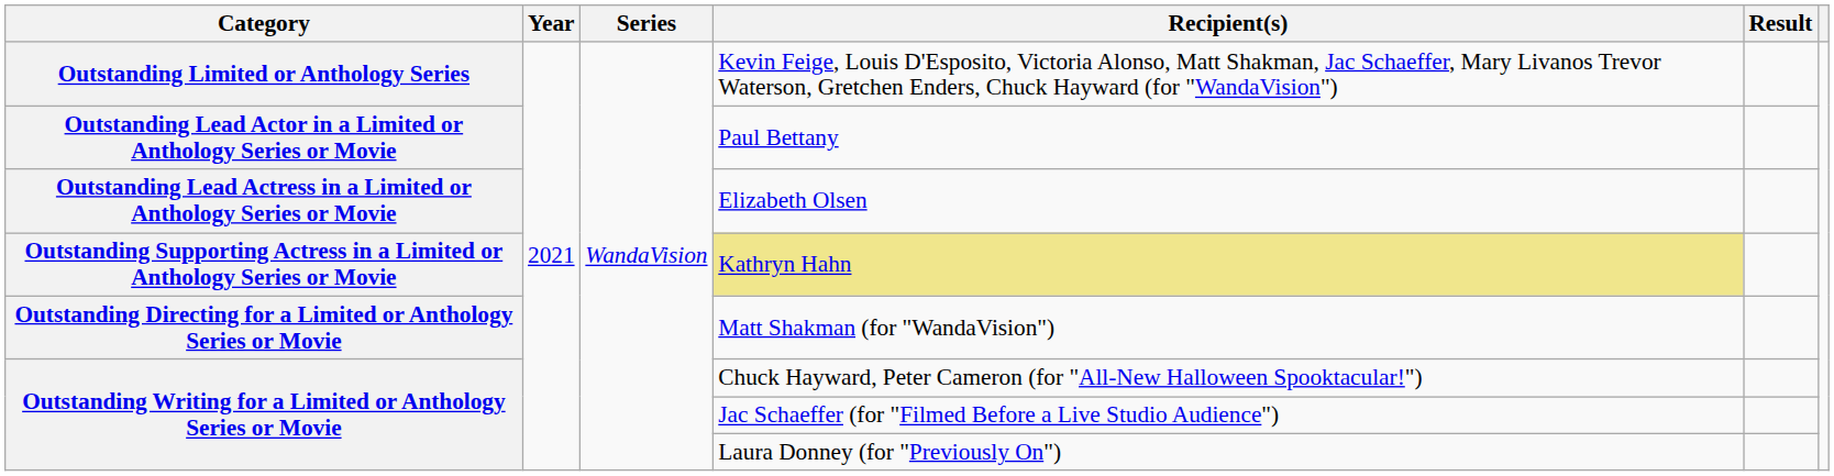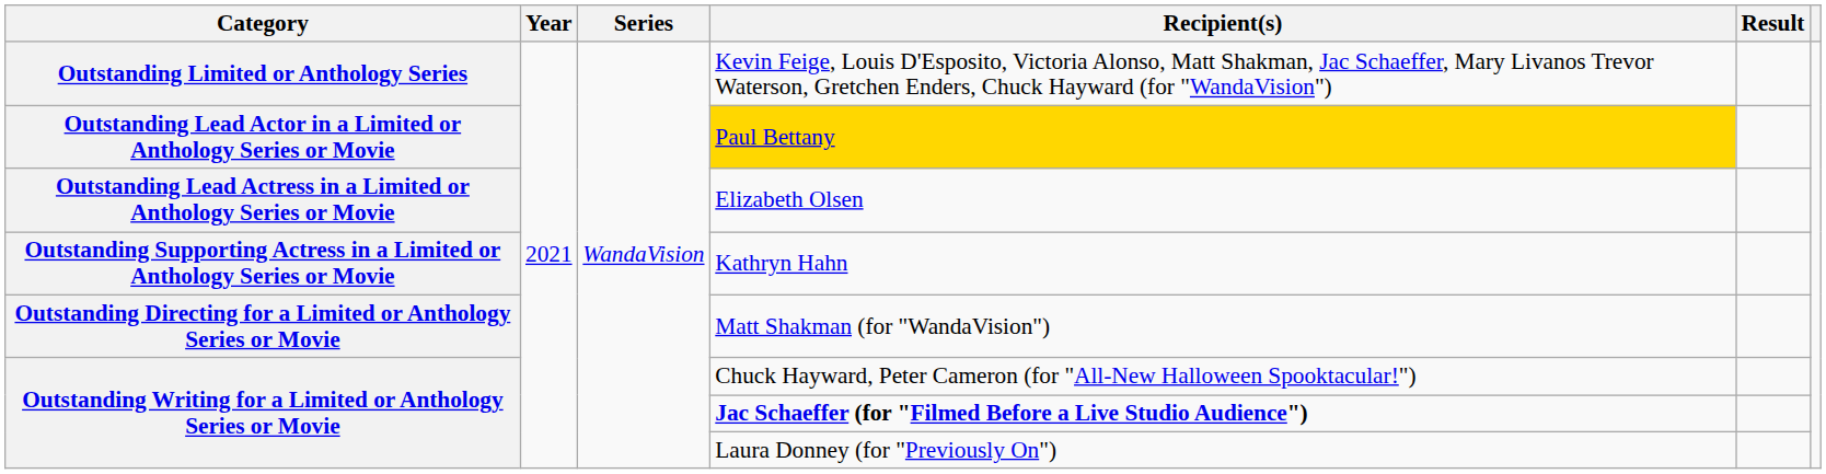 <table class="wikitable plainrowheaders sortable">
 <tr>
 <th scope="col">Category</th>
 <th scope="col">Year</th>
 <th scope="col">Series</th>
 <th scope="col">Recipient(s)</th>
 <th scope="col">Result</th>
 <th scope="col" class="unsortable"></th>
 </tr>
 <tr>
 <th scope="row"><a href='#'>Outstanding Limited or Anthology Series</a></th>
 <td rowspan=8><a href='#'>2021</a></td>
 <td rowspan=8><em><a href='#'>WandaVision</a></em></td>
 <td><a href='#'>Kevin Feige</a>, Louis D'Esposito, Victoria Alonso, Matt Shakman, <a href='#'>Jac Schaeffer</a>, Mary Livanos Trevor Waterson, Gretchen Enders, Chuck Hayward (for "<a href='#'>WandaVision</a>")</td>
 <td></td>
 <td rowspan="8" align="center"></td>
 </tr>
 <tr>
 <th scope="row"><a href='#'>Outstanding Lead Actor in a Limited or Anthology Series or Movie</a></th>
-<td><a href='#'>Paul Bettany</a></td>
+<td style="background: gold;"><a href='#'>Paul Bettany</a></td>
 <td></td>
 </tr>
 <tr>
 <th scope="row"><a href='#'>Outstanding Lead Actress in a Limited or Anthology Series or Movie</a></th>
 <td><a href='#'>Elizabeth Olsen</a></td>
 <td></td>
 </tr>
 <tr>
 <th scope="row"><a href='#'>Outstanding Supporting Actress in a Limited or Anthology Series or Movie</a></th>
-<td style="background: khaki;"><a href='#'>Kathryn Hahn</a></td>
+<td><a href='#'>Kathryn Hahn</a></td>
 <td></td>
 </tr>
 <tr>
 <th scope="row"><a href='#'>Outstanding Directing for a Limited or Anthology Series or Movie</a></th>
 <td><a href='#'>Matt Shakman</a> (for "WandaVision")</td>
 <td></td>
 </tr>
 <tr>
 <th scope="row"rowspan=3><a href='#'>Outstanding Writing for a Limited or Anthology Series or Movie</a></th>
 <td>Chuck Hayward, Peter Cameron (for "<a href='#'>All-New Halloween Spooktacular!</a>")</td>
 <td></td>
 </tr>
 <tr>
-<td><a href='#'>Jac Schaeffer</a> (for "<a href='#'>Filmed Before a Live Studio Audience</a>")</td>
+<td><strong><a href='#'>Jac Schaeffer</a> (for "<a href='#'>Filmed Before a Live Studio Audience</a>")</strong></td>
 <td></td>
 </tr>
 <tr>
 <td>Laura Donney (for "<a href='#'>Previously On</a>")</td>
 <td></td>
 </tr>
 </table>
